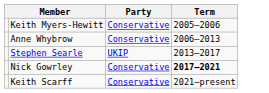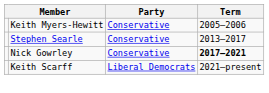 <table class="wikitable">
 <tr>
 <th colspan="2">Member</th>
 <th>Party</th>
 <th>Term</th>
 </tr>
 <tr>
 <td style="background-color: "></td>
 <td>Keith Myers-Hewitt</td>
 <td><a href='#'>Conservative</a></td>
 <td>2005–2006</td>
 </tr>
 <tr>
 <td style="background-color: "></td>
-<td>Anne Whybrow</td>
+<td><a href='#'>Stephen Searle</a></td>
 <td><a href='#'>Conservative</a></td>
-<td>2006–2013</td>
-</tr>
-<tr>
-<td style="background-color: "></td>
-<td><a href='#'>Stephen Searle</a></td>
-<td><a href='#'>UKIP</a></td>
 <td>2013–2017</td>
 </tr>
 <tr>
 <td style="background-color: "></td>
 <td>Nick Gowrley</td>
 <td><a href='#'>Conservative</a></td>
 <td><strong>2017–2021</strong></td>
 </tr>
 <tr>
 <td style="background-color: "></td>
 <td>Keith Scarff</td>
-<td><a href='#'>Conservative</a></td>
+<td><a href='#'>Liberal Democrats</a></td>
 <td>2021–present</td>
 </tr>
 </table>
